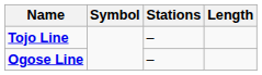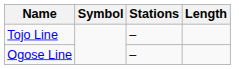 <table class="wikitable">
 <tr>
 <th>Name</th>
 <th>Symbol</th>
 <th>Stations</th>
 <th>Length</th>
 </tr>
 <tr>
-<td><strong><a href='#'>Tojo Line</a></strong></td>
+<td><a href='#'>Tojo Line</a></td>
 <td rowspan="2" style="text-align:center"></td>
 <td> – </td>
 <td></td>
 </tr>
 <tr>
-<td><strong><a href='#'>Ogose Line</a></strong></td>
+<td><a href='#'>Ogose Line</a></td>
 <td> – </td>
 <td></td>
 </tr>
 </table>
